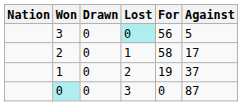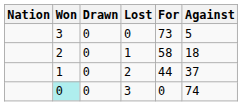 <table class="wikitable">
 <tr>
 <th>Nation</th>
 <th>Won</th>
 <th>Drawn</th>
 <th>Lost</th>
 <th>For</th>
 <th>Against</th>
 </tr>
 <tr>
 <td></td>
 <td>3</td>
 <td>0</td>
-<td style="background: paleturquoise;">0</td>
-<td>56</td>
+<td>0</td>
+<td>73</td>
 <td>5</td>
 </tr>
 <tr>
 <td></td>
 <td>2</td>
 <td>0</td>
 <td>1</td>
 <td>58</td>
-<td>17</td>
+<td>18</td>
 </tr>
 <tr>
 <td></td>
 <td>1</td>
 <td>0</td>
 <td>2</td>
-<td>19</td>
+<td>44</td>
 <td>37</td>
 </tr>
 <tr>
 <td></td>
 <td style="background: paleturquoise;">0</td>
 <td>0</td>
 <td>3</td>
 <td>0</td>
-<td>87</td>
+<td>74</td>
 </tr>
 </table>
